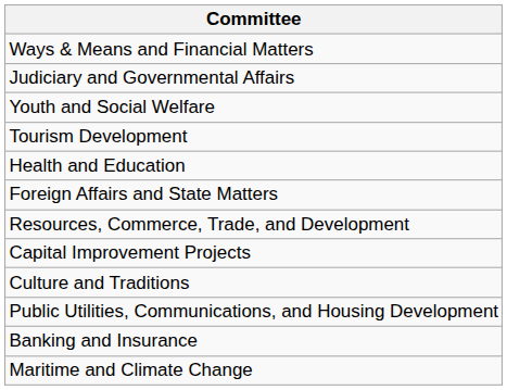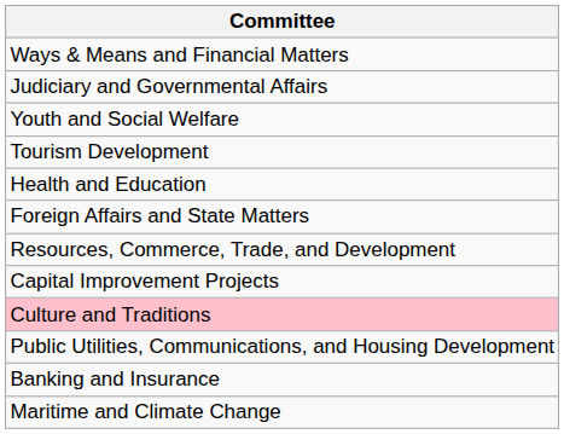 <table class="wikitable">
 <tr>
 <th>Committee</th>
 </tr>
 <tr>
 <td>Ways & Means and Financial Matters</td>
 </tr>
 <tr>
 <td>Judiciary and Governmental Affairs</td>
 </tr>
 <tr>
 <td>Youth and Social Welfare</td>
 </tr>
 <tr>
 <td>Tourism Development</td>
 </tr>
 <tr>
 <td>Health and Education</td>
 </tr>
 <tr>
 <td>Foreign Affairs and State Matters</td>
 </tr>
 <tr>
 <td>Resources, Commerce, Trade, and Development</td>
 </tr>
 <tr>
 <td>Capital Improvement Projects</td>
 </tr>
 <tr>
-<td>Culture and Traditions</td>
+<td style="background: pink;">Culture and Traditions</td>
 </tr>
 <tr>
 <td>Public Utilities, Communications, and Housing Development</td>
 </tr>
 <tr>
 <td>Banking and Insurance</td>
 </tr>
 <tr>
 <td>Maritime and Climate Change</td>
 </tr>
 </table>
